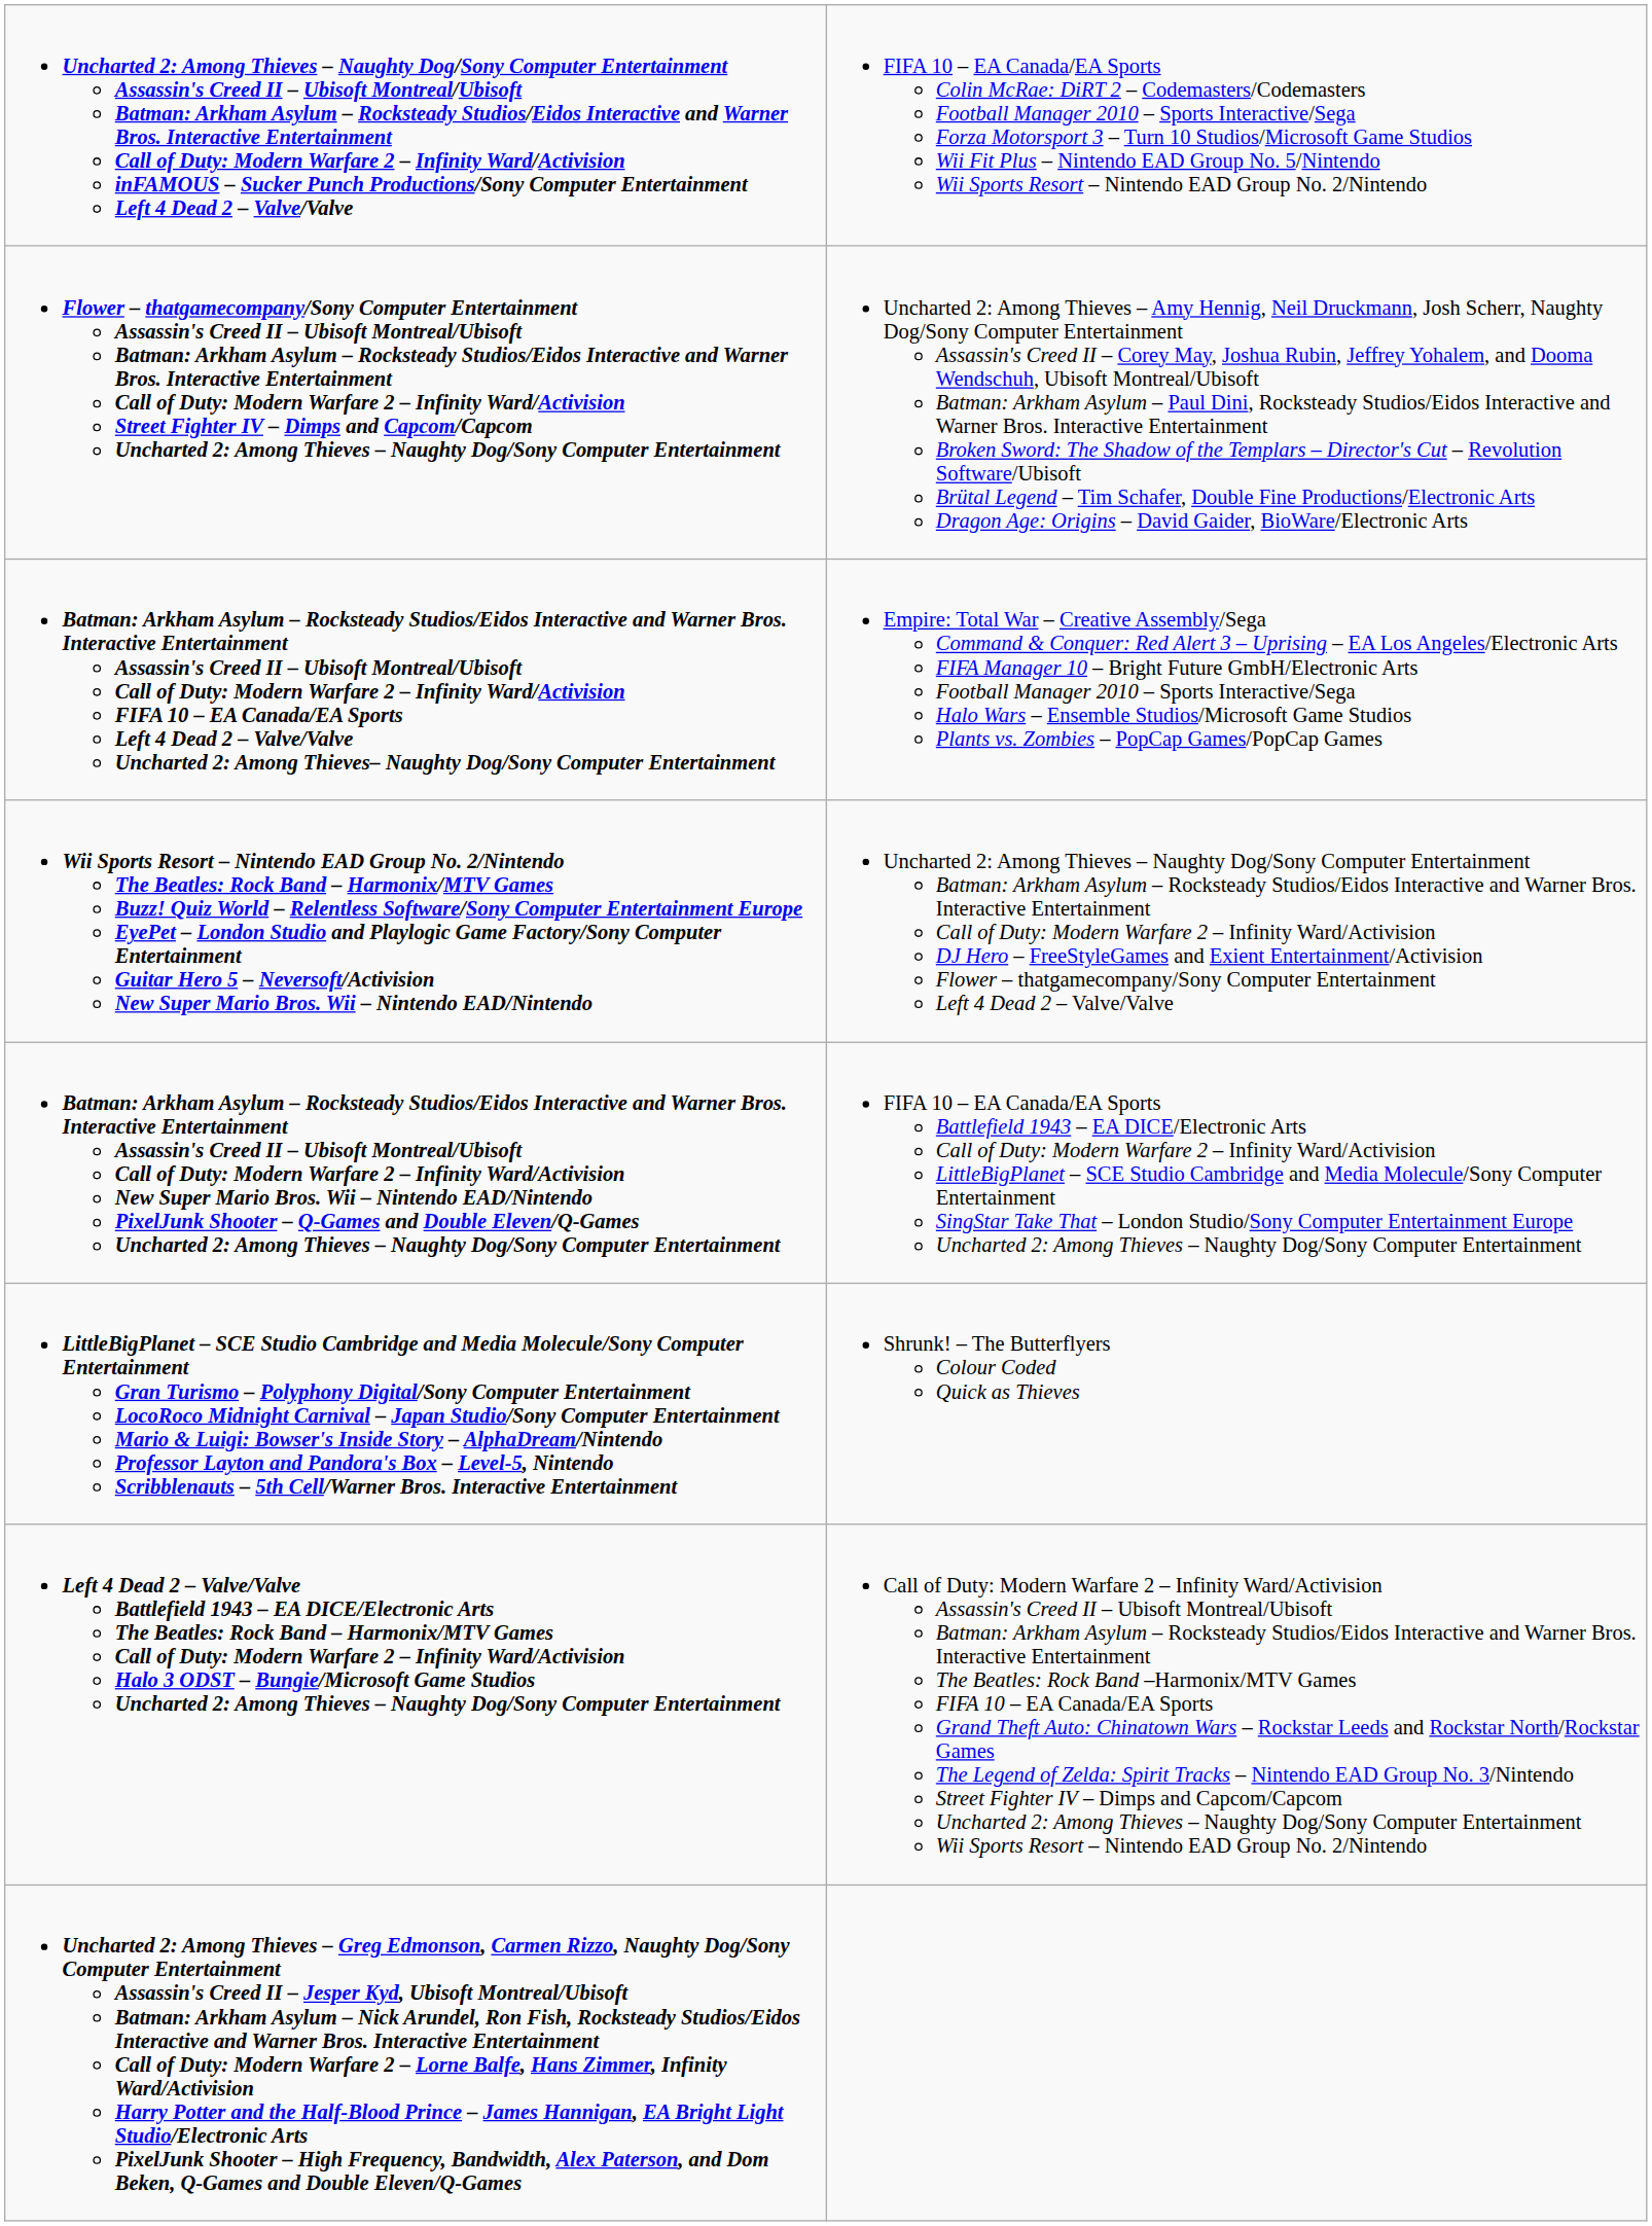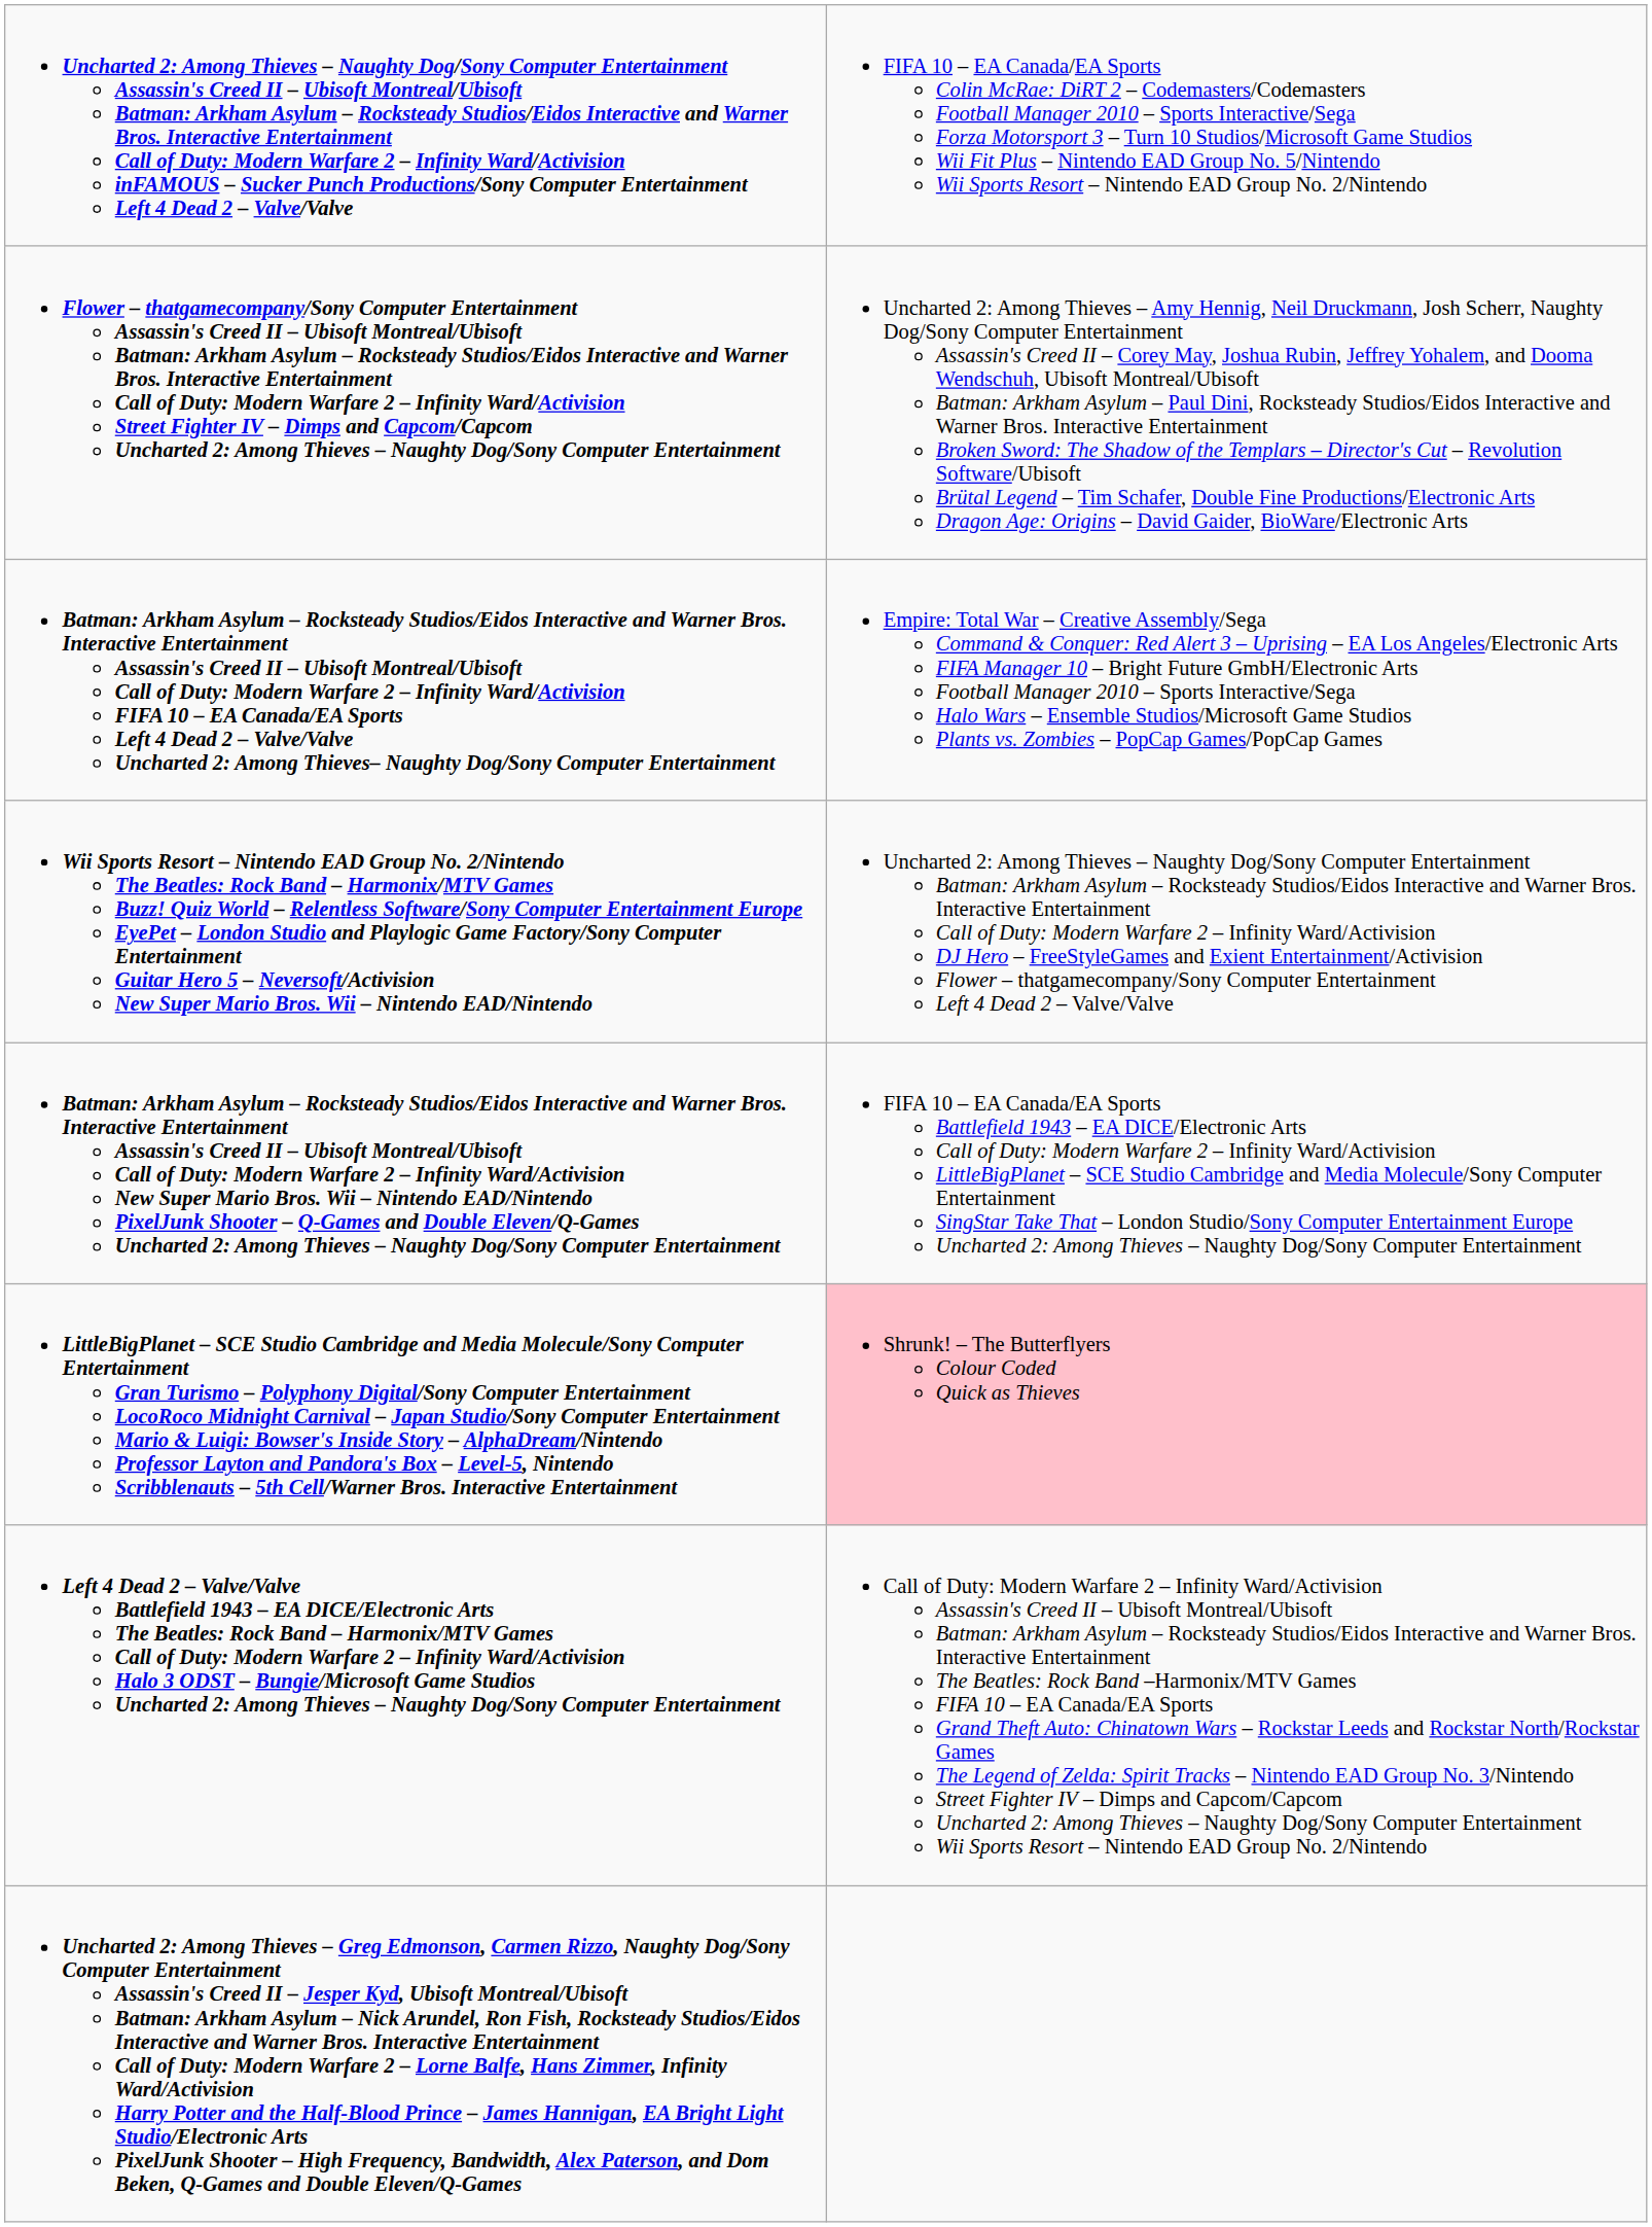 <table class=wikitable>
 <tr>
 <td valign="top" width="50%"><br><ul><li><strong><em><a href='#'>Uncharted 2: Among Thieves</a><em> – <a href='#'>Naughty Dog</a>/<a href='#'>Sony Computer Entertainment</a><strong><ul><li></em><a href='#'>Assassin's Creed II</a><em> – <a href='#'>Ubisoft Montreal</a>/<a href='#'>Ubisoft</a></li><li></em><a href='#'>Batman: Arkham Asylum</a><em> – <a href='#'>Rocksteady Studios</a>/<a href='#'>Eidos Interactive</a> and <a href='#'>Warner Bros. Interactive Entertainment</a></li><li></em><a href='#'>Call of Duty: Modern Warfare 2</a><em> – <a href='#'>Infinity Ward</a>/<a href='#'>Activision</a></li><li></em><a href='#'>inFAMOUS</a><em> – <a href='#'>Sucker Punch Productions</a>/Sony Computer Entertainment</li><li></em><a href='#'>Left 4 Dead 2</a><em> – <a href='#'>Valve</a>/Valve</li></ul></li></ul></td>
 <td valign="top"><br><ul><li></em></strong><a href='#'>FIFA 10</a></em> – <a href='#'>EA Canada</a>/<a href='#'>EA Sports</a></strong><ul><li><em><a href='#'>Colin McRae: DiRT 2</a></em> – <a href='#'>Codemasters</a>/Codemasters</li><li><em><a href='#'>Football Manager 2010</a></em> – <a href='#'>Sports Interactive</a>/<a href='#'>Sega</a></li><li><em><a href='#'>Forza Motorsport 3</a></em> – <a href='#'>Turn 10 Studios</a>/<a href='#'>Microsoft Game Studios</a></li><li><em><a href='#'>Wii Fit Plus</a></em> – <a href='#'>Nintendo EAD Group No. 5</a>/<a href='#'>Nintendo</a></li><li><em><a href='#'>Wii Sports Resort</a></em> – Nintendo EAD Group No. 2/Nintendo</li></ul></li></ul></td>
 </tr>
 <tr>
 <td valign="top" width="50%"><br><ul><li><strong><em><a href='#'>Flower</a><em> – <a href='#'>thatgamecompany</a>/Sony Computer Entertainment<strong><ul><li></em>Assassin's Creed II<em> – Ubisoft Montreal/Ubisoft</li><li></em>Batman: Arkham Asylum<em> – Rocksteady Studios/Eidos Interactive and Warner Bros. Interactive Entertainment</li><li></em>Call of Duty: Modern Warfare 2<em> – Infinity Ward/<a href='#'>Activision</a></li><li></em><a href='#'>Street Fighter IV</a><em> – <a href='#'>Dimps</a> and <a href='#'>Capcom</a>/Capcom</li><li></em>Uncharted 2: Among Thieves<em> – Naughty Dog/Sony Computer Entertainment</li></ul></li></ul></td>
 <td valign="top"><br><ul><li></em></strong>Uncharted 2: Among Thieves</em> – <a href='#'>Amy Hennig</a>, <a href='#'>Neil Druckmann</a>, Josh Scherr, Naughty Dog/Sony Computer Entertainment</strong><ul><li><em>Assassin's Creed II</em> – <a href='#'>Corey May</a>, <a href='#'>Joshua Rubin</a>, <a href='#'>Jeffrey Yohalem</a>, and <a href='#'>Dooma Wendschuh</a>, Ubisoft Montreal/Ubisoft</li><li><em>Batman: Arkham Asylum</em> – <a href='#'>Paul Dini</a>, Rocksteady Studios/Eidos Interactive and Warner Bros. Interactive Entertainment</li><li><em><a href='#'>Broken Sword: The Shadow of the Templars – Director's Cut</a></em> – <a href='#'>Revolution Software</a>/Ubisoft</li><li><em><a href='#'>Brütal Legend</a></em> – <a href='#'>Tim Schafer</a>, <a href='#'>Double Fine Productions</a>/<a href='#'>Electronic Arts</a></li><li><em><a href='#'>Dragon Age: Origins</a></em> – <a href='#'>David Gaider</a>, <a href='#'>BioWare</a>/Electronic Arts</li></ul></li></ul></td>
 </tr>
 <tr>
 <td valign="top" width="50%"><br><ul><li><strong><em>Batman: Arkham Asylum<em> – Rocksteady Studios/Eidos Interactive and Warner Bros. Interactive Entertainment<strong><ul><li></em>Assassin's Creed II<em> – Ubisoft Montreal/Ubisoft</li><li></em>Call of Duty: Modern Warfare 2<em> – Infinity Ward/<a href='#'>Activision</a></li><li></em>FIFA 10<em> – EA Canada/EA Sports</li><li></em>Left 4 Dead 2<em> – Valve/Valve</li><li></em>Uncharted 2: Among Thieves<em>– Naughty Dog/Sony Computer Entertainment</li></ul></li></ul></td>
 <td valign="top"><br><ul><li></em></strong><a href='#'>Empire: Total War</a></em> – <a href='#'>Creative Assembly</a>/Sega</strong><ul><li><em><a href='#'>Command & Conquer: Red Alert 3 – Uprising</a></em> – <a href='#'>EA Los Angeles</a>/Electronic Arts</li><li><em><a href='#'>FIFA Manager 10</a></em> – Bright Future GmbH/Electronic Arts</li><li><em>Football Manager 2010</em> – Sports Interactive/Sega</li><li><em><a href='#'>Halo Wars</a></em> – <a href='#'>Ensemble Studios</a>/Microsoft Game Studios</li><li><em><a href='#'>Plants vs. Zombies</a></em> – <a href='#'>PopCap Games</a>/PopCap Games</li></ul></li></ul></td>
 </tr>
 <tr>
 <td valign="top" width="50%"><br><ul><li><strong><em>Wii Sports Resort<em> – Nintendo EAD Group No. 2/Nintendo<strong><ul><li></em><a href='#'>The Beatles: Rock Band</a><em> – <a href='#'>Harmonix</a>/<a href='#'>MTV Games</a></li><li></em><a href='#'>Buzz! Quiz World</a><em> – <a href='#'>Relentless Software</a>/<a href='#'>Sony Computer Entertainment Europe</a></li><li></em><a href='#'>EyePet</a><em> – <a href='#'>London Studio</a> and Playlogic Game Factory/Sony Computer Entertainment</li><li></em><a href='#'>Guitar Hero 5</a><em> – <a href='#'>Neversoft</a>/Activision</li><li></em><a href='#'>New Super Mario Bros. Wii</a><em> – Nintendo EAD/Nintendo</li></ul></li></ul></td>
 <td valign="top"><br><ul><li></em></strong>Uncharted 2: Among Thieves</em> – Naughty Dog/Sony Computer Entertainment</strong><ul><li><em>Batman: Arkham Asylum</em> – Rocksteady Studios/Eidos Interactive and Warner Bros. Interactive Entertainment</li><li><em>Call of Duty: Modern Warfare 2</em> – Infinity Ward/Activision</li><li><em><a href='#'>DJ Hero</a></em> – <a href='#'>FreeStyleGames</a> and <a href='#'>Exient Entertainment</a>/Activision</li><li><em>Flower</em> – thatgamecompany/Sony Computer Entertainment</li><li><em>Left 4 Dead 2</em> – Valve/Valve</li></ul></li></ul></td>
 </tr>
 <tr>
 <td valign="top" width="50%"><br><ul><li><strong><em>Batman: Arkham Asylum<em> – Rocksteady Studios/Eidos Interactive and Warner Bros. Interactive Entertainment<strong><ul><li></em>Assassin's Creed II<em> – Ubisoft Montreal/Ubisoft</li><li></em>Call of Duty: Modern Warfare 2<em> – Infinity Ward/Activision</li><li></em>New Super Mario Bros. Wii<em> – Nintendo EAD/Nintendo</li><li></em><a href='#'>PixelJunk Shooter</a><em> – <a href='#'>Q-Games</a> and <a href='#'>Double Eleven</a>/Q-Games</li><li></em>Uncharted 2: Among Thieves<em> – Naughty Dog/Sony Computer Entertainment</li></ul></li></ul></td>
 <td valign="top"><br><ul><li></em></strong>FIFA 10</em> – EA Canada/EA Sports</strong><ul><li><em><a href='#'>Battlefield 1943</a></em> – <a href='#'>EA DICE</a>/Electronic Arts</li><li><em>Call of Duty: Modern Warfare 2</em> – Infinity Ward/Activision</li><li><em><a href='#'>LittleBigPlanet</a></em> – <a href='#'>SCE Studio Cambridge</a> and <a href='#'>Media Molecule</a>/Sony Computer Entertainment</li><li><em><a href='#'>SingStar Take That</a></em> – London Studio/<a href='#'>Sony Computer Entertainment Europe</a></li><li><em>Uncharted 2: Among Thieves</em> – Naughty Dog/Sony Computer Entertainment</li></ul></li></ul></td>
 </tr>
 <tr>
 <td valign="top" width="50%"><br><ul><li><strong><em>LittleBigPlanet<em> – SCE Studio Cambridge and Media Molecule/Sony Computer Entertainment<strong><ul><li></em><a href='#'>Gran Turismo</a><em> – <a href='#'>Polyphony Digital</a>/Sony Computer Entertainment</li><li></em><a href='#'>LocoRoco Midnight Carnival</a><em> – <a href='#'>Japan Studio</a>/Sony Computer Entertainment</li><li></em><a href='#'>Mario & Luigi: Bowser's Inside Story</a><em> – <a href='#'>AlphaDream</a>/Nintendo</li><li></em><a href='#'>Professor Layton and Pandora's Box</a><em> – <a href='#'>Level-5</a>, Nintendo</li><li></em><a href='#'>Scribblenauts</a><em> – <a href='#'>5th Cell</a>/Warner Bros. Interactive Entertainment</li></ul></li></ul></td>
-<td valign="top"><br><ul><li></em></strong>Shrunk!</em> – The Butterflyers</strong><ul><li><em>Colour Coded</em></li><li><em>Quick as Thieves</em></li></ul></li></ul></td>
+<td valign="top" style="background: pink;"><br><ul><li></em></strong>Shrunk!</em> – The Butterflyers</strong><ul><li><em>Colour Coded</em></li><li><em>Quick as Thieves</em></li></ul></li></ul></td>
 </tr>
 <tr>
 <td valign="top" width="50%"><br><ul><li><strong><em>Left 4 Dead 2<em> – Valve/Valve<strong><ul><li></em>Battlefield 1943<em> – EA DICE/Electronic Arts</li><li></em>The Beatles: Rock Band<em> – Harmonix/MTV Games</li><li></em>Call of Duty: Modern Warfare 2<em> – Infinity Ward/Activision</li><li></em><a href='#'>Halo 3 ODST</a><em> – <a href='#'>Bungie</a>/Microsoft Game Studios</li><li></em>Uncharted 2: Among Thieves<em> – Naughty Dog/Sony Computer Entertainment</li></ul></li></ul></td>
 <td valign="top"><br><ul><li></em></strong>Call of Duty: Modern Warfare 2</em> – Infinity Ward/Activision</strong><ul><li><em>Assassin's Creed II</em> – Ubisoft Montreal/Ubisoft</li><li><em>Batman: Arkham Asylum</em> – Rocksteady Studios/Eidos Interactive and Warner Bros. Interactive Entertainment</li><li><em>The Beatles: Rock Band</em> –Harmonix/MTV Games</li><li><em>FIFA 10</em> – EA Canada/EA Sports</li><li><em><a href='#'>Grand Theft Auto: Chinatown Wars</a></em> – <a href='#'>Rockstar Leeds</a> and <a href='#'>Rockstar North</a>/<a href='#'>Rockstar Games</a></li><li><em><a href='#'>The Legend of Zelda: Spirit Tracks</a></em> – <a href='#'>Nintendo EAD Group No. 3</a>/Nintendo</li><li><em>Street Fighter IV</em> – Dimps and Capcom/Capcom</li><li><em>Uncharted 2: Among Thieves</em> – Naughty Dog/Sony Computer Entertainment</li><li><em>Wii Sports Resort</em> – Nintendo EAD Group No. 2/Nintendo</li></ul></li></ul></td>
 </tr>
 <tr>
 <td valign="top" width="50%"><br><ul><li><strong><em>Uncharted 2: Among Thieves<em> – <a href='#'>Greg Edmonson</a>, <a href='#'>Carmen Rizzo</a>, Naughty Dog/Sony Computer Entertainment<strong><ul><li></em>Assassin's Creed II<em> – <a href='#'>Jesper Kyd</a>, Ubisoft Montreal/Ubisoft</li><li></em>Batman: Arkham Asylum<em> – Nick Arundel, Ron Fish, Rocksteady Studios/Eidos Interactive and Warner Bros. Interactive Entertainment</li><li></em>Call of Duty: Modern Warfare 2<em> – <a href='#'>Lorne Balfe</a>, <a href='#'>Hans Zimmer</a>, Infinity Ward/Activision</li><li></em><a href='#'>Harry Potter and the Half-Blood Prince</a><em> – <a href='#'>James Hannigan</a>, <a href='#'>EA Bright Light Studio</a>/Electronic Arts</li><li></em>PixelJunk Shooter<em> – High Frequency, Bandwidth, <a href='#'>Alex Paterson</a>, and Dom Beken, Q-Games and Double Eleven/Q-Games</li></ul></li></ul></td>
 </tr>
 </table>
